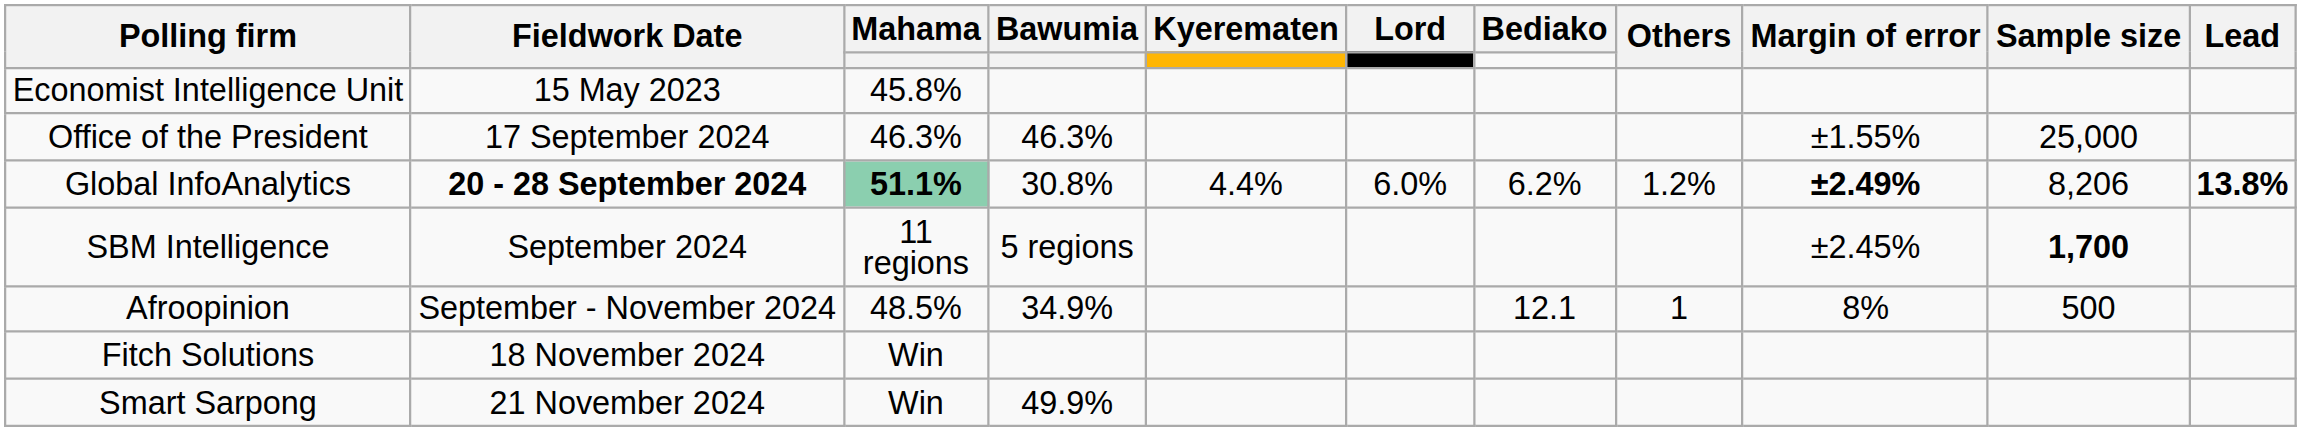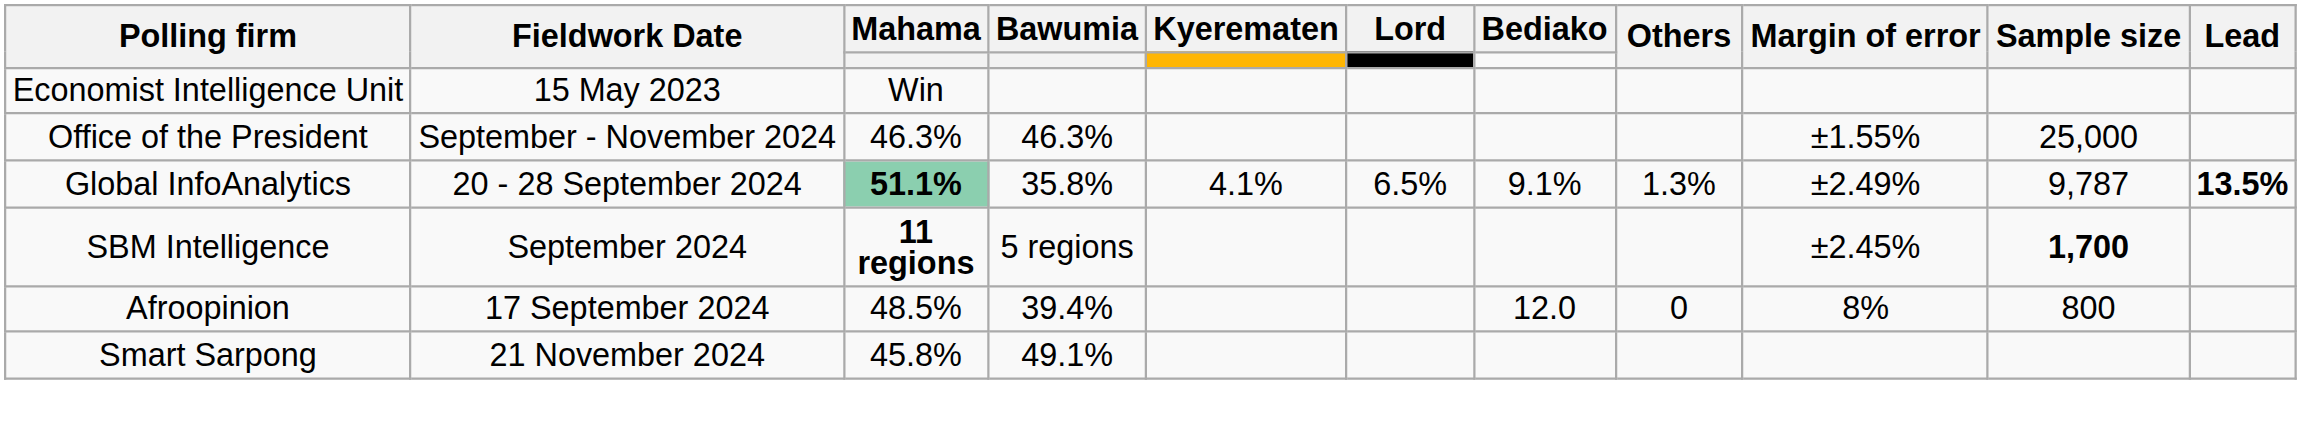 <table class="wikitable sortable mw-datatable" style="text-align:center;font-size:90%;line-height:14px">
 <tr>
 <th rowspan="2">Polling firm</th>
 <th rowspan="2">Fieldwork Date</th>
 <th style="width:50px;">Mahama</th>
 <th style="width:50px;">Bawumia</th>
 <th style="width:50px;">Kyerematen</th>
 <th style="width:50px;">Lord</th>
 <th style="width:50px;">Bediako</th>
 <th rowspan="2" style="width:50px;">Others</th>
 <th rowspan="2">Margin of error</th>
 <th rowspan="2">Sample size</th>
 <th rowspan="2" style="width:20px;">Lead</th>
 </tr>
 <tr class="sorttop">
 <th style="background:"></th>
 <th style="background:"></th>
 <th style="background:#FFB603;"></th>
 <th style="background:#000000;"></th>
 </tr>
 <tr>
 <td>Economist Intelligence Unit</td>
 <td>15 May 2023</td>
-<td>45.8%</td>
+<td>Win</td>
 <td></td>
 <td></td>
 <td></td>
 <td></td>
 <td></td>
 <td></td>
 <td></td>
 <td></td>
 </tr>
 <tr>
 <td>Office of the President</td>
-<td>17 September 2024</td>
+<td>September - November 2024</td>
 <td>46.3%</td>
 <td>46.3%</td>
 <td></td>
 <td></td>
 <td></td>
 <td></td>
 <td>±1.55%</td>
 <td>25,000</td>
 <td></td>
 </tr>
 <tr>
 <td>Global InfoAnalytics</td>
-<td><strong>20 - 28 September 2024</strong></td>
+<td>20 - 28 September 2024</td>
 <td style="background:#8BCFAF;"><strong>51.1%</strong></td>
-<td>30.8%</td>
-<td>4.4%</td>
-<td>6.0%</td>
-<td>6.2%</td>
-<td>1.2%</td>
-<td><strong>±2.49%</strong></td>
-<td>8,206</td>
-<td style="background: "><strong>13.8%</strong></td>
+<td>35.8%</td>
+<td>4.1%</td>
+<td>6.5%</td>
+<td>9.1%</td>
+<td>1.3%</td>
+<td>±2.49%</td>
+<td>9,787</td>
+<td style="background: "><strong>13.5%</strong></td>
 </tr>
 <tr>
 <td>SBM Intelligence</td>
 <td>September 2024</td>
-<td>11 regions</td>
+<td><strong>11 regions</strong></td>
 <td>5 regions</td>
 <td></td>
 <td></td>
 <td></td>
 <td></td>
 <td>±2.45%</td>
 <td><strong>1,700</strong></td>
 <td></td>
 </tr>
 <tr>
 <td>Afroopinion</td>
-<td>September - November 2024</td>
+<td>17 September 2024</td>
 <td>48.5%</td>
-<td>34.9%</td>
+<td>39.4%</td>
 <td></td>
 <td></td>
-<td>12.1</td>
-<td>1</td>
+<td>12.0</td>
+<td>0</td>
 <td>8%</td>
-<td>500</td>
-<td></td>
-</tr>
-<tr>
-<td>Fitch Solutions</td>
-<td>18 November 2024</td>
-<td>Win</td>
-<td></td>
-<td></td>
-<td></td>
-<td></td>
-<td></td>
-<td></td>
-<td></td>
+<td>800</td>
 <td></td>
 </tr>
 <tr>
 <td>Smart Sarpong</td>
 <td>21 November 2024</td>
-<td>Win</td>
-<td>49.9%</td>
+<td>45.8%</td>
+<td>49.1%</td>
 <td></td>
 <td></td>
 <td></td>
 <td></td>
 <td></td>
 <td></td>
 <td></td>
 </tr>
 </table>
